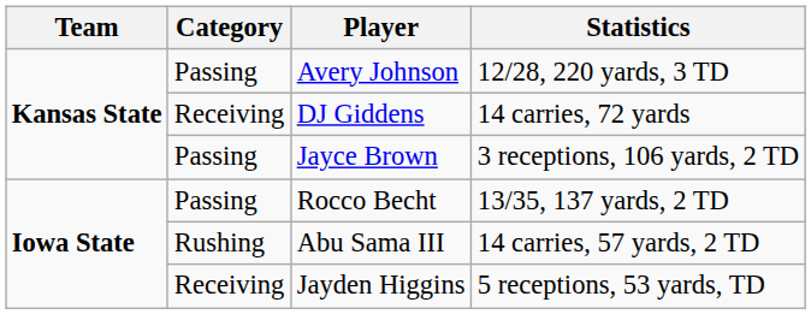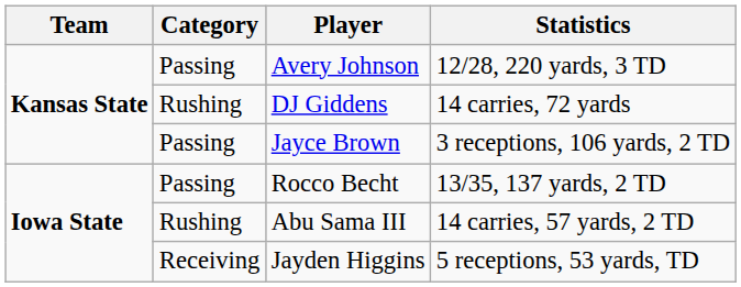 <table class="wikitable" style="float: right;">
 <tr>
 <th>Team</th>
 <th>Category</th>
 <th>Player</th>
 <th>Statistics</th>
 </tr>
 <tr>
 <td rowspan=3><strong>Kansas State</strong></td>
 <td>Passing</td>
 <td><a href='#'>Avery Johnson</a></td>
 <td>12/28, 220 yards, 3 TD</td>
 </tr>
 <tr>
-<td>Receiving</td>
+<td>Rushing</td>
 <td><a href='#'>DJ Giddens</a></td>
 <td>14 carries, 72 yards</td>
 </tr>
 <tr>
 <td>Passing</td>
 <td><a href='#'>Jayce Brown</a></td>
 <td>3 receptions, 106 yards, 2 TD</td>
 </tr>
 <tr>
 <td rowspan=3><strong>Iowa State</strong></td>
 <td>Passing</td>
 <td>Rocco Becht</td>
 <td>13/35, 137 yards, 2 TD</td>
 </tr>
 <tr>
 <td>Rushing</td>
 <td>Abu Sama III</td>
 <td>14 carries, 57 yards, 2 TD</td>
 </tr>
 <tr>
 <td>Receiving</td>
 <td>Jayden Higgins</td>
 <td>5 receptions, 53 yards, TD</td>
 </tr>
 </table>
